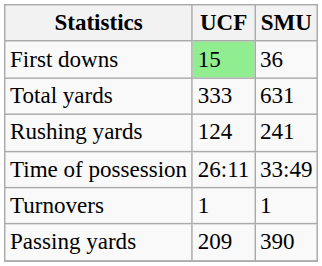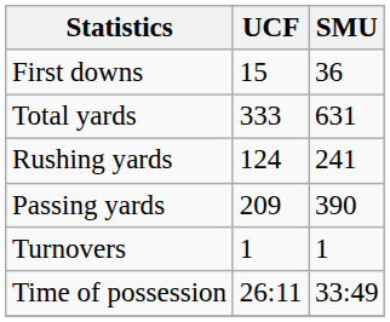 <table class="wikitable">
 <tr>
 <th>Statistics</th>
 <th>UCF</th>
 <th>SMU</th>
 </tr>
 <tr>
 <td>First downs</td>
-<td style="background: lightgreen;">15</td>
+<td>15</td>
 <td>36</td>
 </tr>
 <tr>
 <td>Total yards</td>
 <td>333</td>
 <td>631</td>
 </tr>
 <tr>
 <td>Rushing yards</td>
 <td>124</td>
 <td>241</td>
 </tr>
 <tr>
-<td>Time of possession</td>
-<td>26:11</td>
-<td>33:49</td>
+<td>Passing yards</td>
+<td>209</td>
+<td>390</td>
 </tr>
 <tr>
 <td>Turnovers</td>
 <td>1</td>
 <td>1</td>
 </tr>
 <tr>
-<td>Passing yards</td>
-<td>209</td>
-<td>390</td>
+<td>Time of possession</td>
+<td>26:11</td>
+<td>33:49</td>
 </tr>
 <tr>
 </tr>
 </table>
